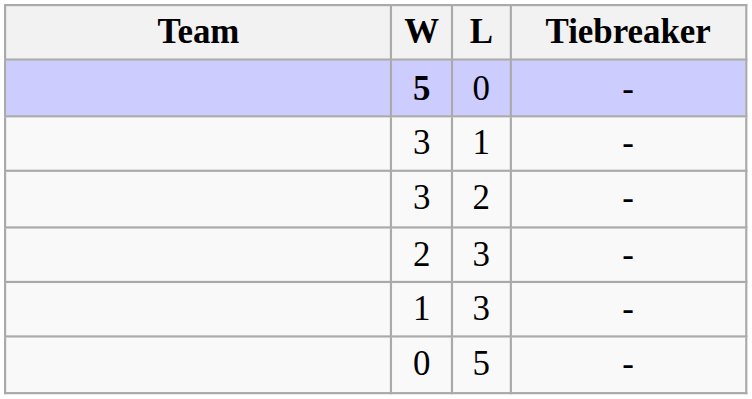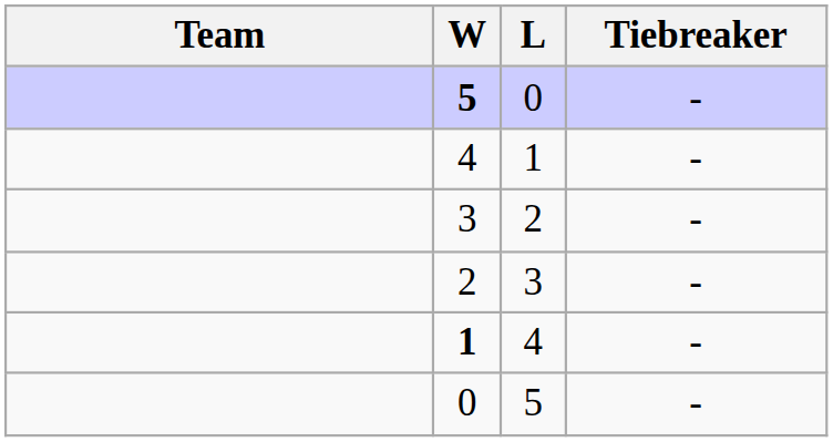 <table class=wikitable style=text-align:center>
 <tr>
 <th width=170>Team</th>
 <th width=20>W</th>
 <th width=20>L</th>
 <th width=100>Tiebreaker</th>
 </tr>
 <tr style="background:#ccccff;">
 <td align=left></td>
 <td><strong>5</strong></td>
 <td>0</td>
 <td>-</td>
 </tr>
 <tr>
 <td align=left></td>
-<td>3</td>
+<td>4</td>
 <td>1</td>
 <td>-</td>
 </tr>
 <tr>
 <td align=left></td>
 <td>3</td>
 <td>2</td>
 <td>-</td>
 </tr>
 <tr>
 <td align=left></td>
 <td>2</td>
 <td>3</td>
 <td>-</td>
 </tr>
 <tr>
 <td align=left></td>
-<td>1</td>
-<td>3</td>
+<td><strong>1</strong></td>
+<td>4</td>
 <td>-</td>
 </tr>
 <tr>
 <td align=left></td>
 <td>0</td>
 <td>5</td>
 <td>-</td>
 </tr>
 </table>
